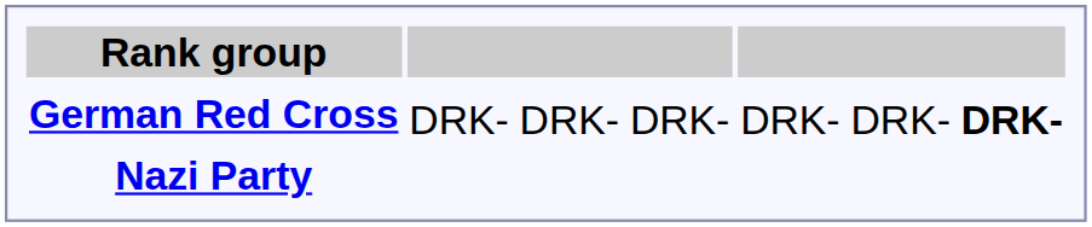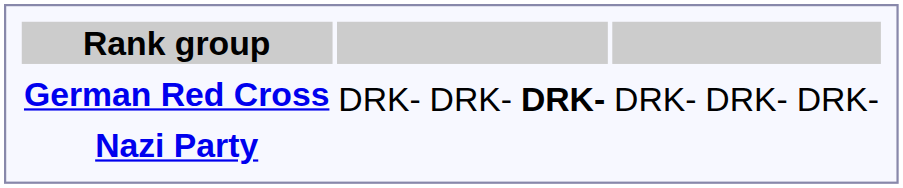 <table style="border:1px solid #8888aa; background-color:#f7f8ff; padding:5px; font-size:95%; margin: 0px 12px 12px 0px; text-align:center;">
 <tr bgcolor="#CCCCCC">
 <th>Rank group</th>
 <th colspan=3></th>
 <th colspan=3></th>
 </tr>
 <tr>
 <th rowspan=2> <a href='#'>German Red Cross</a></th>
 <td></td>
 <td></td>
 <td></td>
 <td></td>
 <td></td>
 <td></td>
 </tr>
 <tr style="text-align:center;">
 <td>DRK-</td>
 <td>DRK-</td>
+<td><strong>DRK-</strong></td>
 <td>DRK-</td>
 <td>DRK-</td>
 <td>DRK-</td>
-<td><strong>DRK-</strong></td>
 </tr>
 <tr>
 <th rowspan=2> <a href='#'>Nazi Party</a></th>
 <td colspan=2 rowspan=2></td>
 <td></td>
 <td colspan=2 rowspan=2></td>
 <td></td>
 </tr>
 <tr>
 <td></td>
 <td></td>
 </tr>
 </table>
